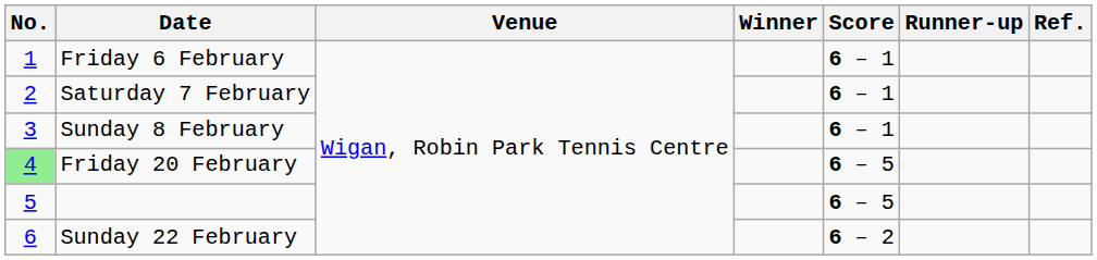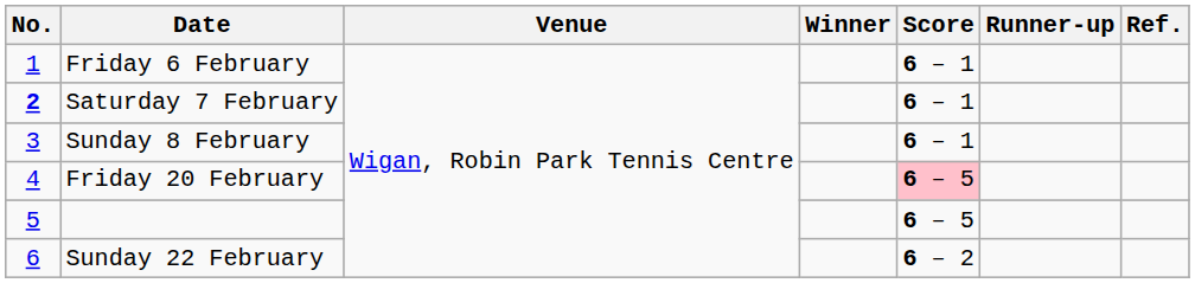 <table class="wikitable">
 <tr>
 <th>No.</th>
 <th>Date</th>
 <th>Venue</th>
 <th>Winner</th>
 <th>Score</th>
 <th>Runner-up</th>
 <th>Ref.</th>
 </tr>
 <tr>
 <td align=center><a href='#'>1</a></td>
 <td align=left>Friday 6 February</td>
 <td rowspan=6> <a href='#'>Wigan</a>, Robin Park Tennis Centre</td>
 <td align=right></td>
 <td align=center><strong>6</strong> – 1</td>
 <td></td>
 <td align="center"></td>
 </tr>
 <tr>
-<td align=center><a href='#'>2</a></td>
+<td align=center><strong><a href='#'>2</a></strong></td>
 <td align=left>Saturday 7 February</td>
 <td align=right></td>
 <td align=center><strong>6</strong> – 1</td>
 <td></td>
 <td align="center"></td>
 </tr>
 <tr>
 <td align=center><a href='#'>3</a></td>
 <td align=left>Sunday 8 February</td>
 <td align=right></td>
 <td align=center><strong>6</strong> – 1</td>
 <td></td>
 <td align="center"></td>
 </tr>
 <tr>
-<td align=center style="background: lightgreen;"><a href='#'>4</a></td>
+<td align=center><a href='#'>4</a></td>
 <td align=left>Friday 20 February</td>
 <td align=right></td>
-<td align=center><strong>6</strong> – 5</td>
+<td align=center style="background: pink;"><strong>6</strong> – 5</td>
 <td></td>
 <td align="center"></td>
 </tr>
 <tr>
 <td align=center><a href='#'>5</a></td>
 <td align=left></td>
 <td align=right></td>
 <td align=center><strong>6</strong> – 5</td>
 <td></td>
 <td align="center"></td>
 </tr>
 <tr>
 <td align=center><a href='#'>6</a></td>
 <td align=left>Sunday 22 February</td>
 <td align=right></td>
 <td align=center><strong>6</strong> – 2</td>
 <td></td>
 <td align="center"></td>
 </tr>
 </table>
